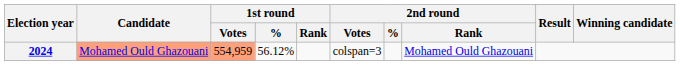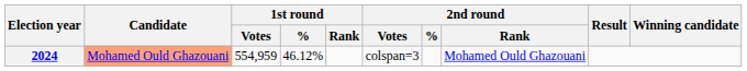 <table class="wikitable" style="text-align:center;">
 <tr>
 <th rowspan=2>Election year</th>
 <th rowspan=2>Candidate</th>
 <th colspan=3>1st round</th>
 <th colspan=3>2nd round</th>
 <th rowspan=2>Result</th>
 <th rowspan=2>Winning candidate</th>
 </tr>
 <tr>
 <th>Votes</th>
 <th>%</th>
 <th>Rank</th>
 <th>Votes</th>
 <th>%</th>
 <th>Rank</th>
 </tr>
 <tr>
 <th><a href='#'>2024</a></th>
 <td style="background: lightsalmon;"><a href='#'>Mohamed Ould Ghazouani</a></td>
-<td style="background: lightsalmon;">554,959</td>
-<td>56.12%</td>
+<td>554,959</td>
+<td>46.12%</td>
 <td></td>
 <td>colspan=3 </td>
 <td></td>
 <td><a href='#'>Mohamed Ould Ghazouani</a></td>
 </tr>
 </table>
